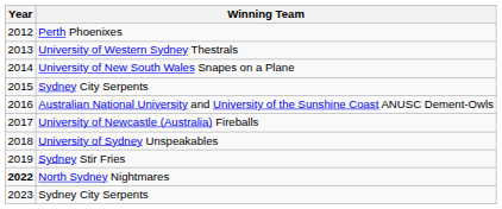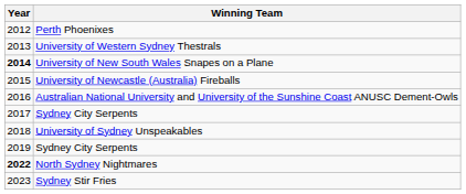 <table class="wikitable">
 <tr>
 <th>Year</th>
 <th>Winning Team</th>
 </tr>
 <tr>
 <td>2012</td>
 <td><a href='#'>Perth</a> Phoenixes</td>
 </tr>
 <tr>
 <td>2013</td>
 <td><a href='#'>University of Western Sydney</a> Thestrals</td>
 </tr>
 <tr>
-<td>2014</td>
+<td><strong>2014</strong></td>
 <td><a href='#'>University of New South Wales</a> Snapes on a Plane</td>
 </tr>
 <tr>
 <td>2015</td>
-<td><a href='#'>Sydney</a> City Serpents</td>
+<td><a href='#'>University of Newcastle (Australia)</a> Fireballs</td>
 </tr>
 <tr>
 <td>2016</td>
 <td><a href='#'>Australian National University</a> and <a href='#'>University of the Sunshine Coast</a> ANUSC Dement-Owls</td>
 </tr>
 <tr>
 <td>2017</td>
-<td><a href='#'>University of Newcastle (Australia)</a> Fireballs</td>
+<td><a href='#'>Sydney</a> City Serpents</td>
 </tr>
 <tr>
 <td>2018</td>
 <td><a href='#'>University of Sydney</a> Unspeakables</td>
 </tr>
 <tr>
 <td>2019</td>
-<td><a href='#'>Sydney</a> Stir Fries</td>
+<td>Sydney City Serpents</td>
 </tr>
 <tr>
 <td><strong>2022</strong></td>
 <td><a href='#'>North Sydney</a> Nightmares</td>
 </tr>
 <tr>
 <td>2023</td>
-<td>Sydney City Serpents</td>
+<td><a href='#'>Sydney</a> Stir Fries</td>
 </tr>
 </table>
